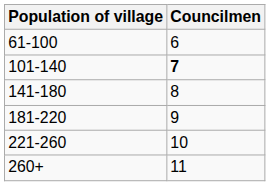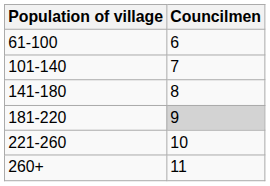 <table class="wikitable">
 <tr>
 <th>Population of village</th>
 <th>Councilmen</th>
 </tr>
 <tr>
 <td>61-100</td>
 <td>6</td>
 </tr>
 <tr>
 <td>101-140</td>
-<td><strong>7</strong></td>
+<td>7</td>
 </tr>
 <tr>
 <td>141-180</td>
 <td>8</td>
 </tr>
 <tr>
 <td>181-220</td>
-<td>9</td>
+<td style="background: lightgrey;">9</td>
 </tr>
 <tr>
 <td>221-260</td>
 <td>10</td>
 </tr>
 <tr>
 <td>260+</td>
 <td>11</td>
 </tr>
 </table>
